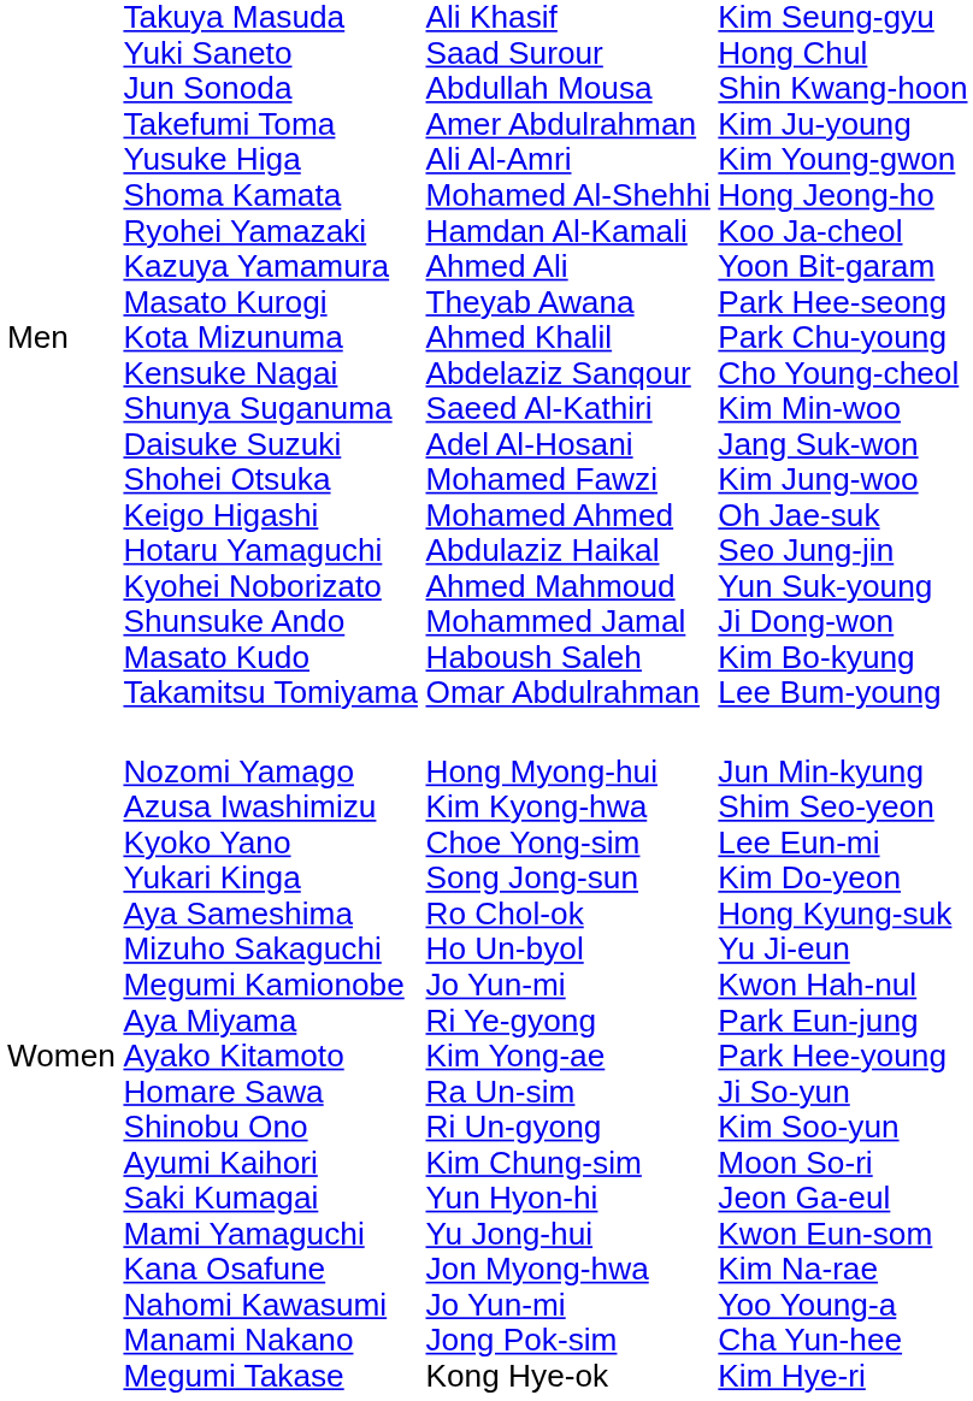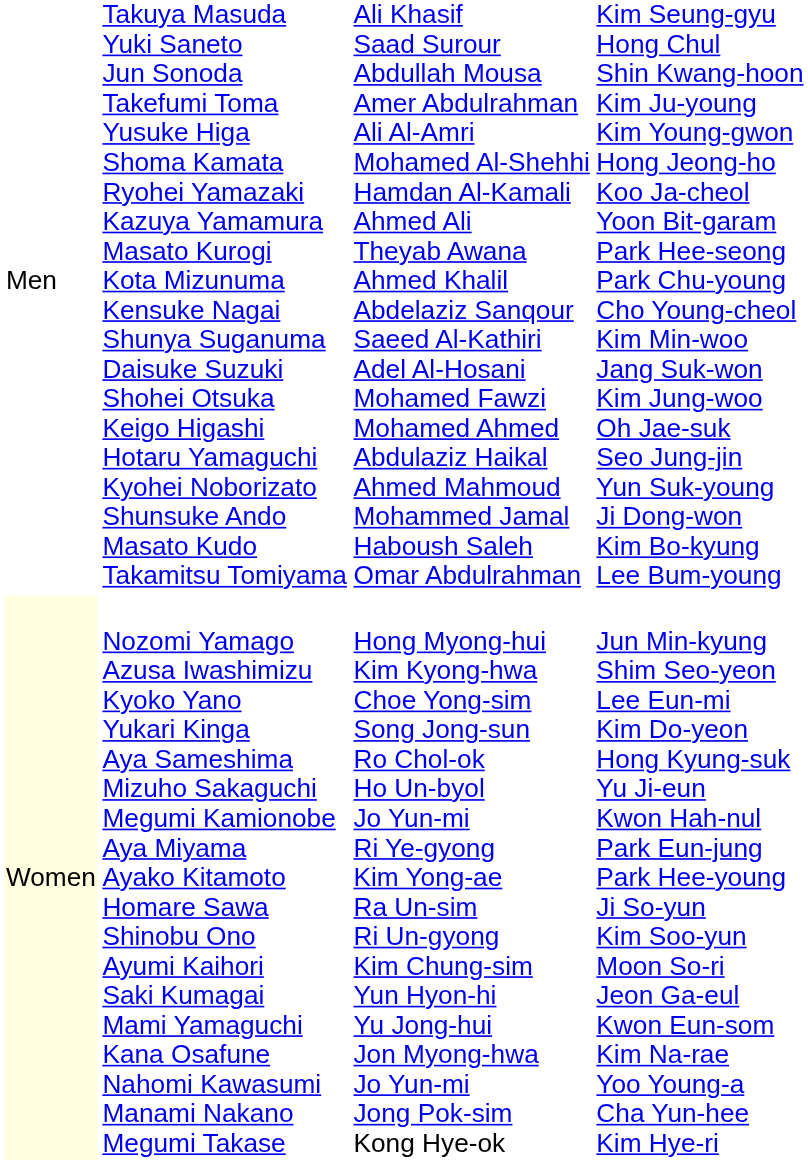 <table>
 <tr>
 <td>Men<br></td>
 <td><br><a href='#'>Takuya Masuda</a><br><a href='#'>Yuki Saneto</a><br><a href='#'>Jun Sonoda</a><br><a href='#'>Takefumi Toma</a><br><a href='#'>Yusuke Higa</a><br><a href='#'>Shoma Kamata</a><br><a href='#'>Ryohei Yamazaki</a><br><a href='#'>Kazuya Yamamura</a><br><a href='#'>Masato Kurogi</a><br><a href='#'>Kota Mizunuma</a><br><a href='#'>Kensuke Nagai</a><br><a href='#'>Shunya Suganuma</a><br><a href='#'>Daisuke Suzuki</a><br><a href='#'>Shohei Otsuka</a><br><a href='#'>Keigo Higashi</a><br><a href='#'>Hotaru Yamaguchi</a><br><a href='#'>Kyohei Noborizato</a><br><a href='#'>Shunsuke Ando</a><br><a href='#'>Masato Kudo</a><br><a href='#'>Takamitsu Tomiyama</a></td>
 <td><br><a href='#'>Ali Khasif</a><br><a href='#'>Saad Surour</a><br><a href='#'>Abdullah Mousa</a><br><a href='#'>Amer Abdulrahman</a><br><a href='#'>Ali Al-Amri</a><br><a href='#'>Mohamed Al-Shehhi</a><br><a href='#'>Hamdan Al-Kamali</a><br><a href='#'>Ahmed Ali</a><br><a href='#'>Theyab Awana</a><br><a href='#'>Ahmed Khalil</a><br><a href='#'>Abdelaziz Sanqour</a><br><a href='#'>Saeed Al-Kathiri</a><br><a href='#'>Adel Al-Hosani</a><br><a href='#'>Mohamed Fawzi</a><br><a href='#'>Mohamed Ahmed</a><br><a href='#'>Abdulaziz Haikal</a><br><a href='#'>Ahmed Mahmoud</a><br><a href='#'>Mohammed Jamal</a><br><a href='#'>Haboush Saleh</a><br><a href='#'>Omar Abdulrahman</a></td>
 <td><br><a href='#'>Kim Seung-gyu</a><br><a href='#'>Hong Chul</a><br><a href='#'>Shin Kwang-hoon</a><br><a href='#'>Kim Ju-young</a><br><a href='#'>Kim Young-gwon</a><br><a href='#'>Hong Jeong-ho</a><br><a href='#'>Koo Ja-cheol</a><br><a href='#'>Yoon Bit-garam</a><br><a href='#'>Park Hee-seong</a><br><a href='#'>Park Chu-young</a><br><a href='#'>Cho Young-cheol</a><br><a href='#'>Kim Min-woo</a><br><a href='#'>Jang Suk-won</a><br><a href='#'>Kim Jung-woo</a><br><a href='#'>Oh Jae-suk</a><br><a href='#'>Seo Jung-jin</a><br><a href='#'>Yun Suk-young</a><br><a href='#'>Ji Dong-won</a><br><a href='#'>Kim Bo-kyung</a><br><a href='#'>Lee Bum-young</a></td>
 </tr>
 <tr>
-<td>Women<br></td>
+<td style="background: lightyellow;">Women<br></td>
 <td><br><a href='#'>Nozomi Yamago</a><br><a href='#'>Azusa Iwashimizu</a><br><a href='#'>Kyoko Yano</a><br><a href='#'>Yukari Kinga</a><br><a href='#'>Aya Sameshima</a><br><a href='#'>Mizuho Sakaguchi</a><br><a href='#'>Megumi Kamionobe</a><br><a href='#'>Aya Miyama</a><br><a href='#'>Ayako Kitamoto</a><br><a href='#'>Homare Sawa</a><br><a href='#'>Shinobu Ono</a><br><a href='#'>Ayumi Kaihori</a><br><a href='#'>Saki Kumagai</a><br><a href='#'>Mami Yamaguchi</a><br><a href='#'>Kana Osafune</a><br><a href='#'>Nahomi Kawasumi</a><br><a href='#'>Manami Nakano</a><br><a href='#'>Megumi Takase</a></td>
 <td><br><a href='#'>Hong Myong-hui</a><br><a href='#'>Kim Kyong-hwa</a><br><a href='#'>Choe Yong-sim</a><br><a href='#'>Song Jong-sun</a><br><a href='#'>Ro Chol-ok</a><br><a href='#'>Ho Un-byol</a><br><a href='#'>Jo Yun-mi</a><br><a href='#'>Ri Ye-gyong</a><br><a href='#'>Kim Yong-ae</a><br><a href='#'>Ra Un-sim</a><br><a href='#'>Ri Un-gyong</a><br><a href='#'>Kim Chung-sim</a><br><a href='#'>Yun Hyon-hi</a><br><a href='#'>Yu Jong-hui</a><br><a href='#'>Jon Myong-hwa</a><br><a href='#'>Jo Yun-mi</a><br><a href='#'>Jong Pok-sim</a><br>Kong Hye-ok</td>
 <td><br><a href='#'>Jun Min-kyung</a><br><a href='#'>Shim Seo-yeon</a><br><a href='#'>Lee Eun-mi</a><br><a href='#'>Kim Do-yeon</a><br><a href='#'>Hong Kyung-suk</a><br><a href='#'>Yu Ji-eun</a><br><a href='#'>Kwon Hah-nul</a><br><a href='#'>Park Eun-jung</a><br><a href='#'>Park Hee-young</a><br><a href='#'>Ji So-yun</a><br><a href='#'>Kim Soo-yun</a><br><a href='#'>Moon So-ri</a><br><a href='#'>Jeon Ga-eul</a><br><a href='#'>Kwon Eun-som</a><br><a href='#'>Kim Na-rae</a><br><a href='#'>Yoo Young-a</a><br><a href='#'>Cha Yun-hee</a><br><a href='#'>Kim Hye-ri</a></td>
 </tr>
 </table>
